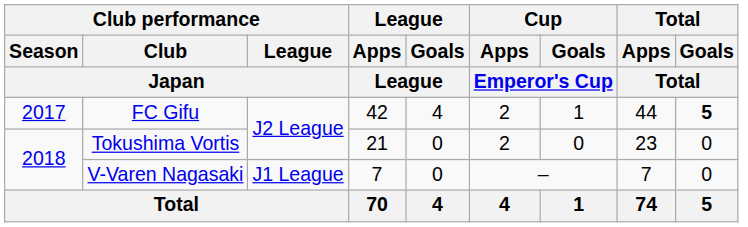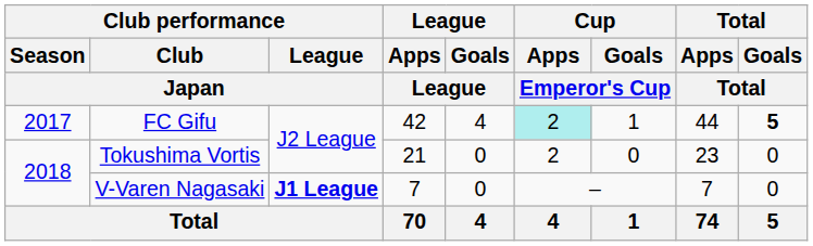 <table class="wikitable" style="text-align:center;">
 <tr>
 <th colspan=3>Club performance</th>
 <th colspan=2>League</th>
 <th colspan=2>Cup</th>
 <th colspan=2>Total</th>
 </tr>
 <tr>
 <th>Season</th>
 <th>Club</th>
 <th>League</th>
 <th>Apps</th>
 <th>Goals</th>
 <th>Apps</th>
 <th>Goals</th>
 <th>Apps</th>
 <th>Goals</th>
 </tr>
 <tr>
 <th colspan=3>Japan</th>
 <th colspan=2>League</th>
 <th colspan=2><a href='#'>Emperor's Cup</a></th>
 <th colspan=2>Total</th>
 </tr>
 <tr>
 <td><a href='#'>2017</a></td>
 <td><a href='#'>FC Gifu</a></td>
 <td rowspan="2"><a href='#'>J2 League</a></td>
 <td>42</td>
 <td>4</td>
-<td>2</td>
+<td style="background: paleturquoise;">2</td>
 <td>1</td>
 <td>44</td>
 <td><strong>5</strong></td>
 </tr>
 <tr>
 <td rowspan="2"><a href='#'>2018</a></td>
 <td><a href='#'>Tokushima Vortis</a></td>
 <td>21</td>
 <td>0</td>
 <td>2</td>
 <td>0</td>
 <td>23</td>
 <td>0</td>
 </tr>
 <tr>
 <td><a href='#'>V-Varen Nagasaki</a></td>
-<td><a href='#'>J1 League</a></td>
+<td><strong><a href='#'>J1 League</a></strong></td>
 <td>7</td>
 <td>0</td>
 <td colspan="2">–</td>
 <td>7</td>
 <td>0</td>
 </tr>
 <tr>
 <th colspan=3>Total</th>
 <th>70</th>
 <th>4</th>
 <th>4</th>
 <th>1</th>
 <th>74</th>
 <th>5</th>
 </tr>
 </table>
